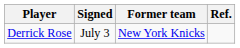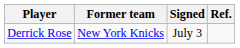 <table class="wikitable sortable sortable" style="text-align: center">
 <tr>
 <th>Player</th>
+<th>Former team</th>
 <th>Signed</th>
-<th>Former team</th>
 <th>Ref.</th>
 </tr>
 <tr>
 <td><a href='#'>Derrick Rose</a></td>
+<td><a href='#'>New York Knicks</a></td>
 <td>July 3</td>
-<td><a href='#'>New York Knicks</a></td>
 <td></td>
 </tr>
 </table>
